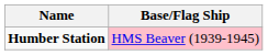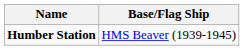 <table class="wikitable">
 <tr>
 <th>Name</th>
 <th>Base/Flag Ship</th>
 </tr>
 <tr>
 <td><strong>Humber Station</strong></td>
-<td style="background: pink;"><a href='#'>HMS Beaver</a> (1939-1945)</td>
+<td><a href='#'>HMS Beaver</a> (1939-1945)</td>
 </tr>
 </table>
